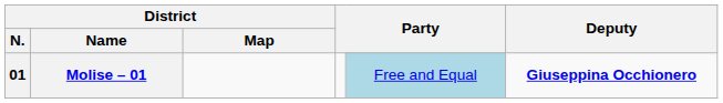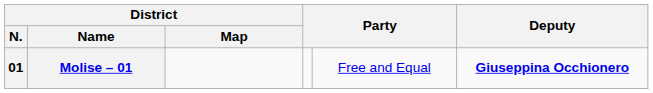 <table class="wikitable" style="text-align:center; style="width=60%">
 <tr>
 <th width=35% colspan="3">District</th>
 <th width=20% colspan="2" rowspan="2">Party</th>
 <th width=25% rowspan="2">Deputy</th>
 </tr>
 <tr>
 <th width=1%>N.</th>
 <th width=18%>Name</th>
 <th width=18%>Map</th>
 </tr>
 <tr style="height:3em;">
 <th rowspan="1">01</th>
 <th rowspan="1"><a href='#'>Molise – 01</a></th>
 <td rowspan="1"></td>
 <td style="background:"></td>
-<td style="background: lightblue;"><a href='#'>Free and Equal</a></td>
+<td><a href='#'>Free and Equal</a></td>
 <td><strong><a href='#'>Giuseppina Occhionero</a></strong></td>
 </tr>
 </table>
